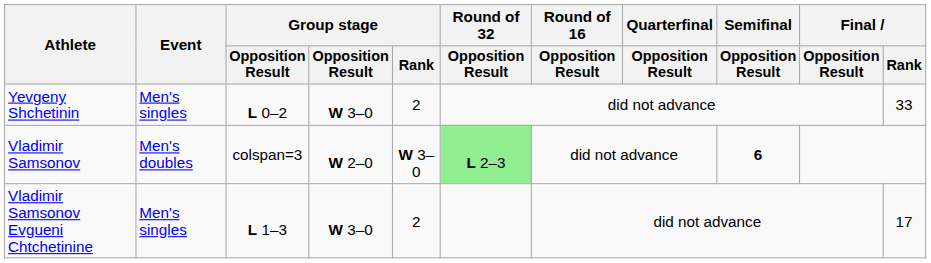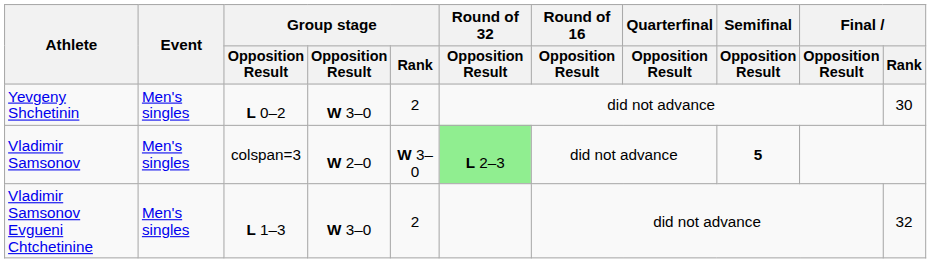 <table class=wikitable style="font-size:90%; text-align:center">
 <tr>
 <th rowspan=2>Athlete</th>
 <th rowspan=2>Event</th>
 <th colspan=3>Group stage</th>
 <th>Round of 32</th>
 <th>Round of 16</th>
 <th>Quarterfinal</th>
 <th>Semifinal</th>
 <th colspan=2>Final / </th>
 </tr>
 <tr style=font-size:95%>
 <th>Opposition<br>Result</th>
 <th>Opposition<br>Result</th>
 <th>Rank</th>
 <th>Opposition<br>Result</th>
 <th>Opposition<br>Result</th>
 <th>Opposition<br>Result</th>
 <th>Opposition<br>Result</th>
 <th>Opposition<br>Result</th>
 <th>Rank</th>
 </tr>
 <tr>
 <td align=left><a href='#'>Yevgeny Shchetinin</a></td>
 <td align=left><a href='#'>Men's singles</a></td>
 <td><br><strong>L</strong> 0–2</td>
 <td><br><strong>W</strong> 3–0</td>
 <td>2</td>
 <td colspan=5>did not advance</td>
-<td>33</td>
+<td>30</td>
 </tr>
 <tr>
 <td align=left><a href='#'>Vladimir Samsonov</a></td>
-<td align=left><a href='#'>Men's doubles</a></td>
+<td align=left><a href='#'>Men's singles</a></td>
 <td>colspan=3 </td>
 <td><br><strong>W</strong> 2–0</td>
 <td><br><strong>W</strong> 3–0</td>
 <td style="background: lightgreen;"><br><strong>L</strong> 2–3</td>
 <td colspan=2>did not advance</td>
-<td><strong>6</strong></td>
+<td><strong>5</strong></td>
 </tr>
 <tr>
 <td align=left><a href='#'>Vladimir Samsonov</a><br><a href='#'>Evgueni Chtchetinine</a></td>
 <td align=left><a href='#'>Men's singles</a></td>
 <td><br><strong>L</strong> 1–3</td>
 <td><br><strong>W</strong> 3–0</td>
 <td>2</td>
 <td></td>
 <td colspan=4>did not advance</td>
-<td>17</td>
+<td>32</td>
 </tr>
 </table>
